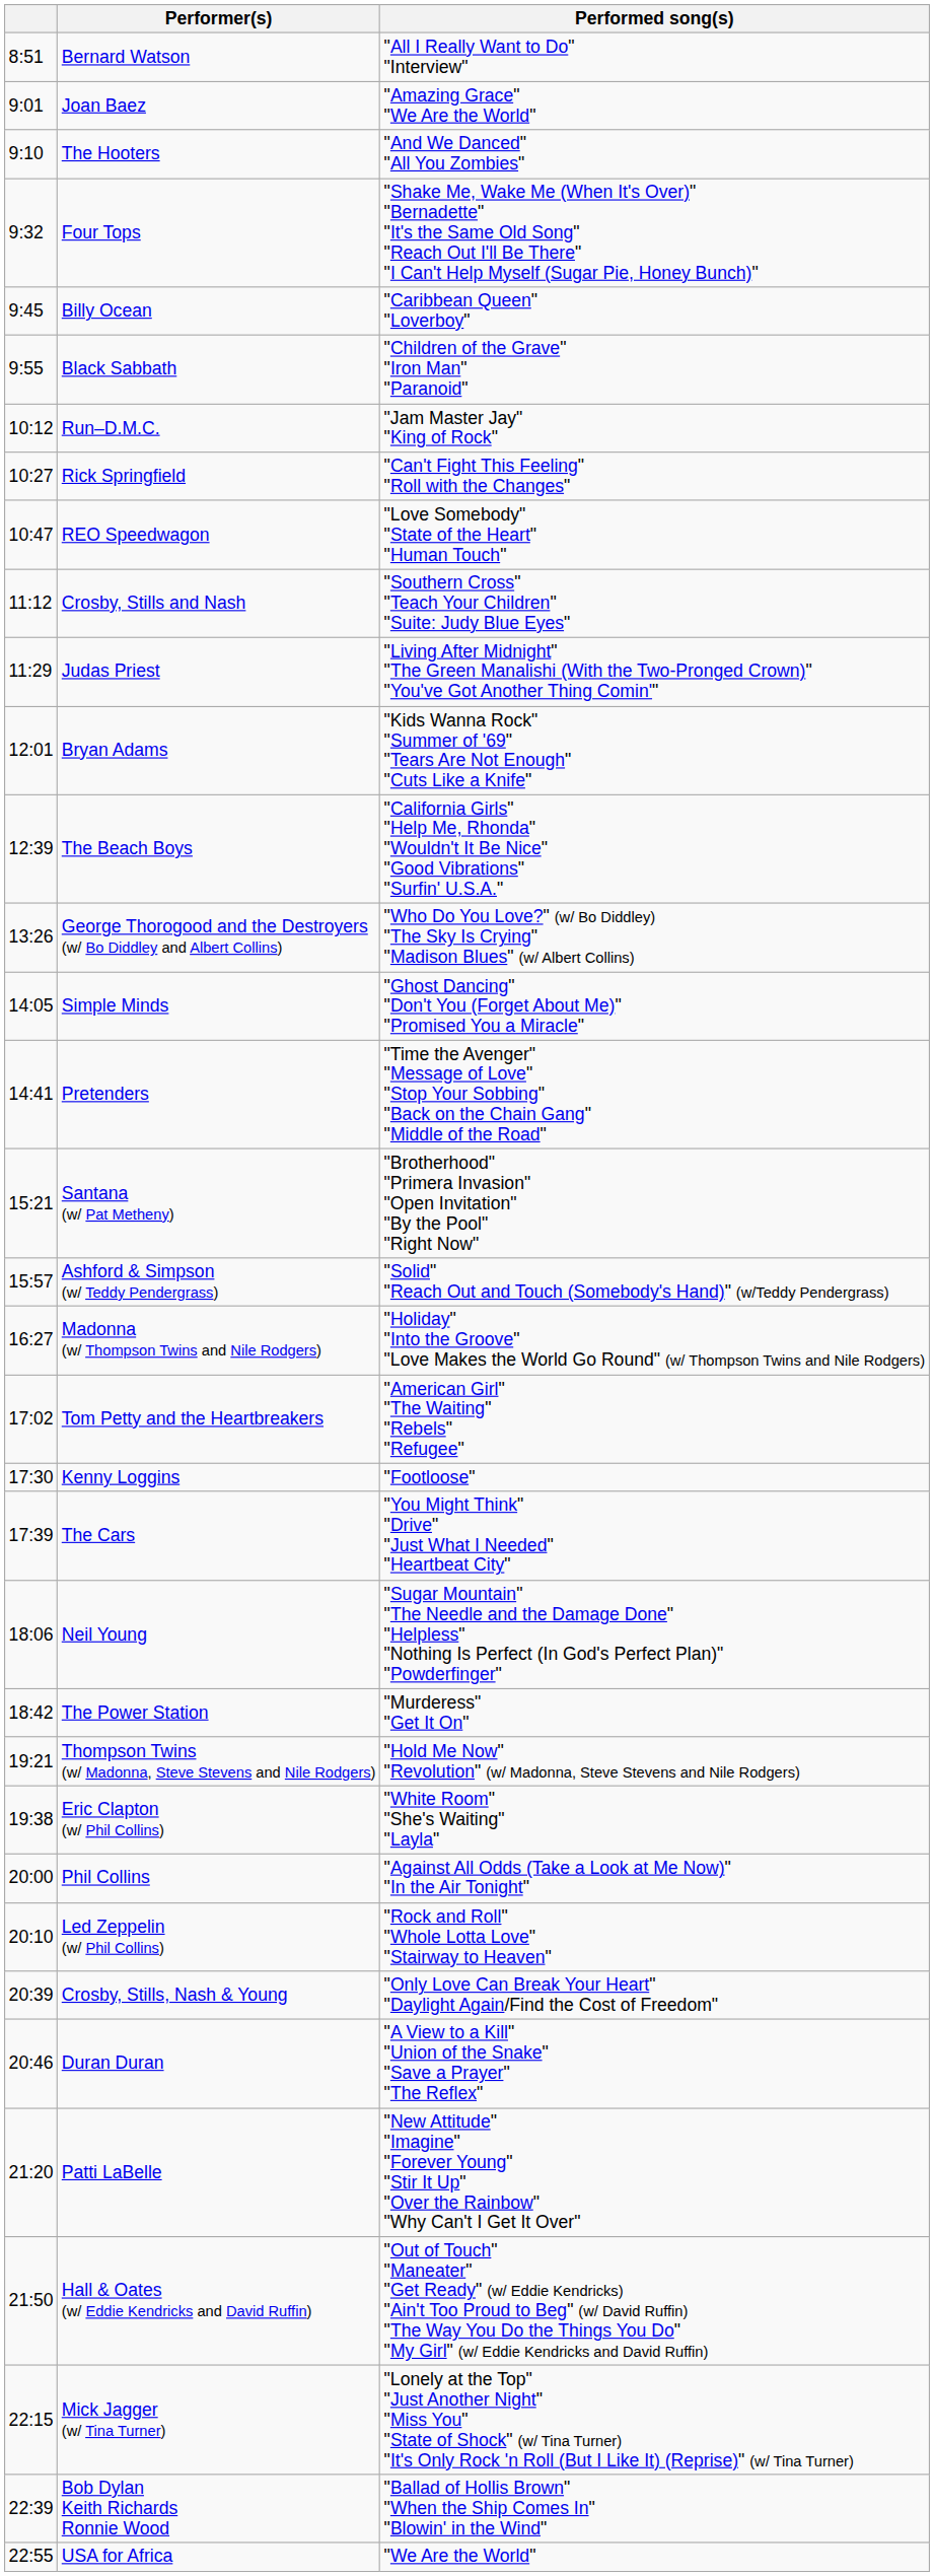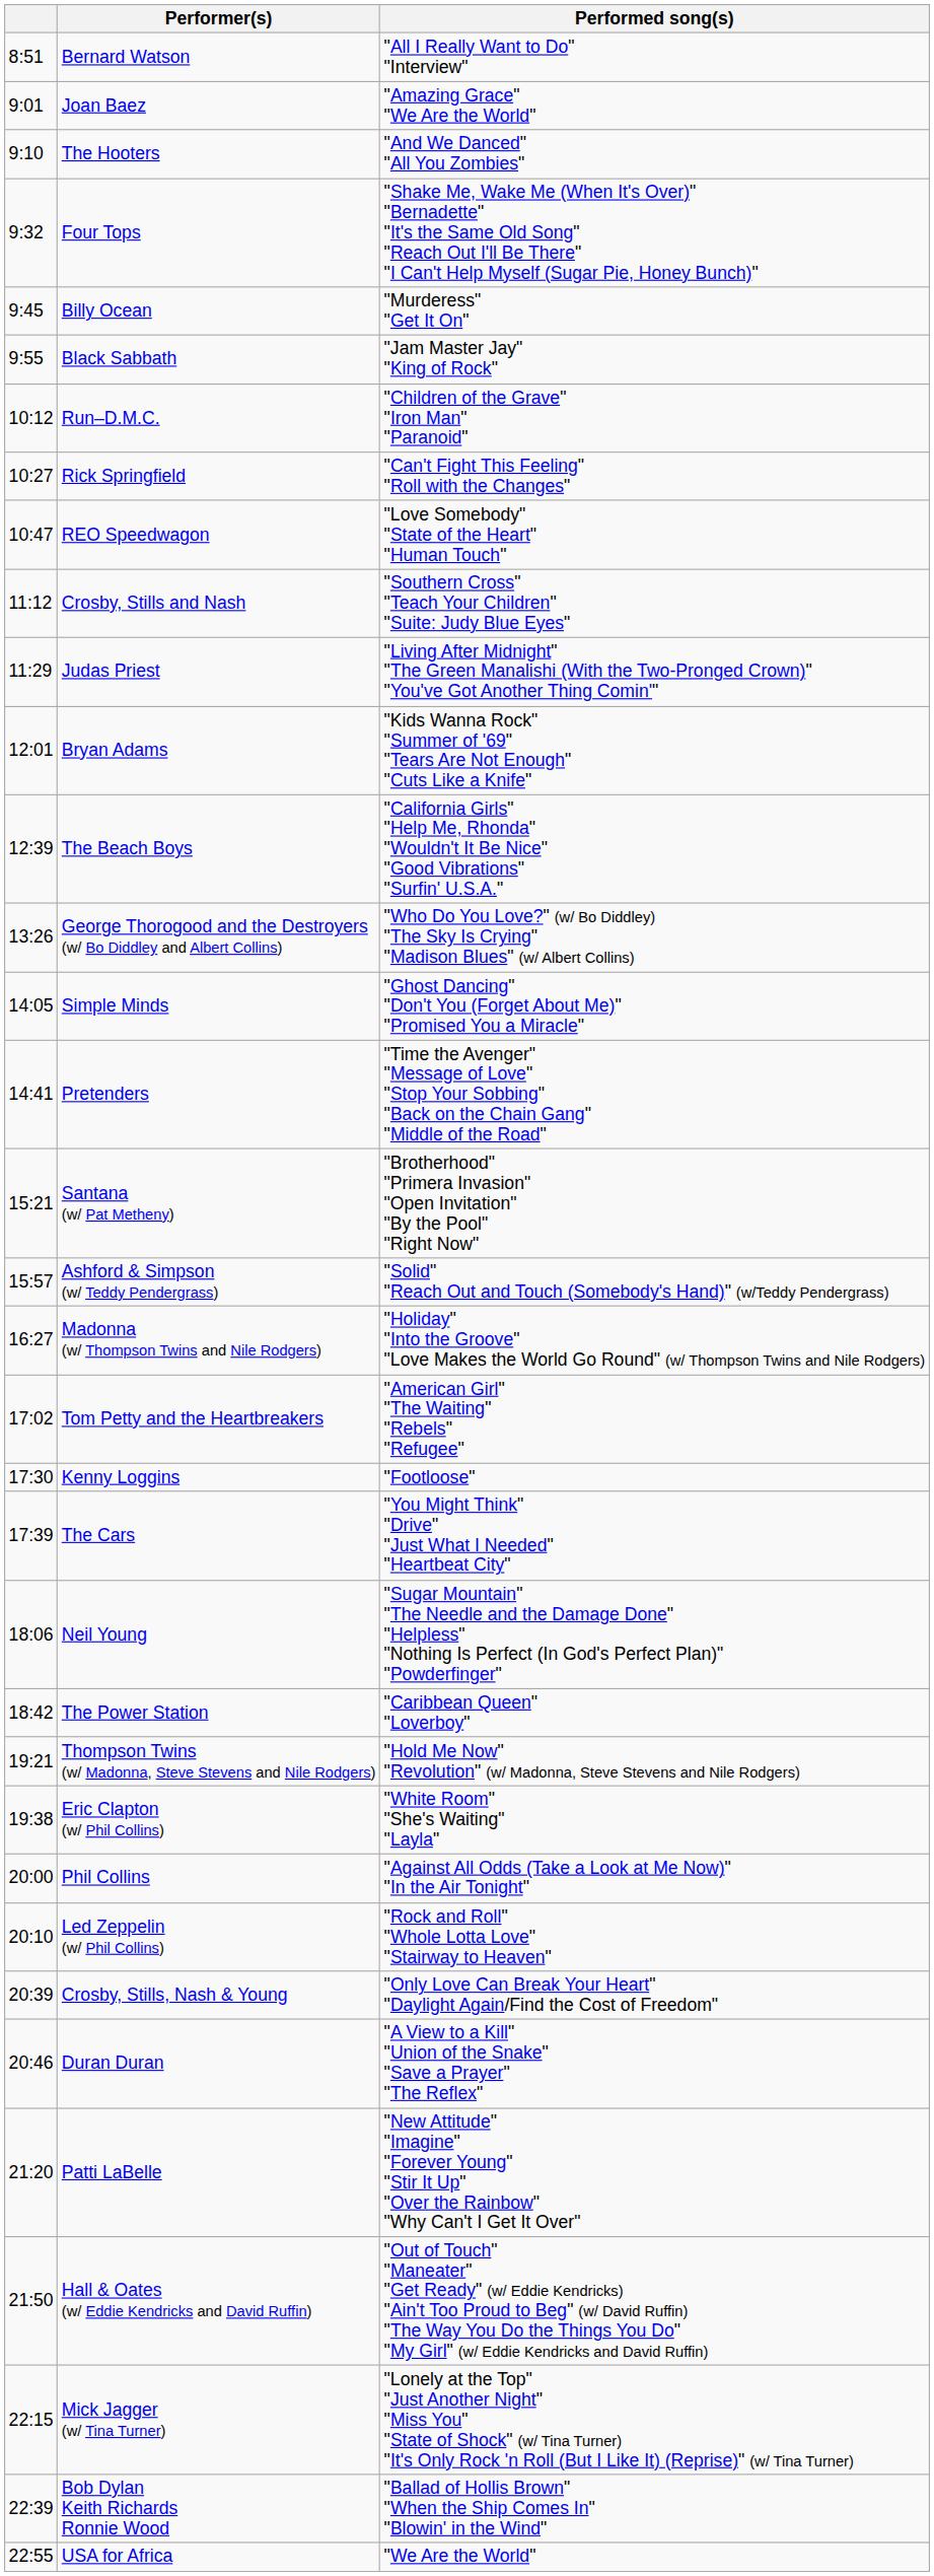 <table class="wikitable">
 <tr>
 <th></th>
 <th>Performer(s)</th>
 <th>Performed song(s)</th>
 </tr>
 <tr>
 <td>8:51</td>
 <td><a href='#'>Bernard Watson</a></td>
 <td>"<a href='#'>All I Really Want to Do</a>"<br>"Interview"</td>
 </tr>
 <tr>
 <td>9:01</td>
 <td><a href='#'>Joan Baez</a></td>
 <td>"<a href='#'>Amazing Grace</a>"<br>"<a href='#'>We Are the World</a>"</td>
 </tr>
 <tr>
 <td>9:10</td>
 <td><a href='#'>The Hooters</a></td>
 <td>"<a href='#'>And We Danced</a>"<br>"<a href='#'>All You Zombies</a>"</td>
 </tr>
 <tr>
 <td>9:32</td>
 <td><a href='#'>Four Tops</a></td>
 <td>"<a href='#'>Shake Me, Wake Me (When It's Over)</a>"<br>"<a href='#'>Bernadette</a>"<br>"<a href='#'>It's the Same Old Song</a>"<br>"<a href='#'>Reach Out I'll Be There</a>"<br>"<a href='#'>I Can't Help Myself (Sugar Pie, Honey Bunch)</a>"</td>
 </tr>
 <tr>
 <td>9:45</td>
 <td><a href='#'>Billy Ocean</a></td>
-<td>"<a href='#'>Caribbean Queen</a>"<br>"<a href='#'>Loverboy</a>"</td>
+<td>"Murderess"<br>"<a href='#'>Get It On</a>"</td>
 </tr>
 <tr>
 <td>9:55</td>
 <td><a href='#'>Black Sabbath</a></td>
-<td>"<a href='#'>Children of the Grave</a>"<br>"<a href='#'>Iron Man</a>"<br>"<a href='#'>Paranoid</a>"</td>
+<td>"Jam Master Jay"<br>"<a href='#'>King of Rock</a>"</td>
 </tr>
 <tr>
 <td>10:12</td>
 <td><a href='#'>Run–D.M.C.</a></td>
-<td>"Jam Master Jay"<br>"<a href='#'>King of Rock</a>"</td>
+<td>"<a href='#'>Children of the Grave</a>"<br>"<a href='#'>Iron Man</a>"<br>"<a href='#'>Paranoid</a>"</td>
 </tr>
 <tr>
 <td>10:27</td>
 <td><a href='#'>Rick Springfield</a></td>
 <td>"<a href='#'>Can't Fight This Feeling</a>"<br>"<a href='#'>Roll with the Changes</a>"</td>
 </tr>
 <tr>
 <td>10:47</td>
 <td><a href='#'>REO Speedwagon</a></td>
 <td>"Love Somebody"<br>"<a href='#'>State of the Heart</a>"<br>"<a href='#'>Human Touch</a>"</td>
 </tr>
 <tr>
 <td>11:12</td>
 <td><a href='#'>Crosby, Stills and Nash</a></td>
 <td>"<a href='#'>Southern Cross</a>"<br>"<a href='#'>Teach Your Children</a>"<br>"<a href='#'>Suite: Judy Blue Eyes</a>"</td>
 </tr>
 <tr>
 <td>11:29</td>
 <td><a href='#'>Judas Priest</a></td>
 <td>"<a href='#'>Living After Midnight</a>"<br>"<a href='#'>The Green Manalishi (With the Two-Pronged Crown)</a>"<br>"<a href='#'>You've Got Another Thing Comin'</a>"</td>
 </tr>
 <tr>
 <td>12:01</td>
 <td><a href='#'>Bryan Adams</a></td>
 <td>"Kids Wanna Rock"<br>"<a href='#'>Summer of '69</a>"<br>"<a href='#'>Tears Are Not Enough</a>"<br>"<a href='#'>Cuts Like a Knife</a>"</td>
 </tr>
 <tr>
 <td>12:39</td>
 <td><a href='#'>The Beach Boys</a></td>
 <td>"<a href='#'>California Girls</a>"<br>"<a href='#'>Help Me, Rhonda</a>"<br>"<a href='#'>Wouldn't It Be Nice</a>"<br>"<a href='#'>Good Vibrations</a>"<br>"<a href='#'>Surfin' U.S.A.</a>"</td>
 </tr>
 <tr>
 <td>13:26</td>
 <td><a href='#'>George Thorogood and the Destroyers</a><br><small>(w/ <a href='#'>Bo Diddley</a> and <a href='#'>Albert Collins</a>)</small></td>
 <td>"<a href='#'>Who Do You Love?</a>" <small>(w/ Bo Diddley)</small><br>"<a href='#'>The Sky Is Crying</a>"<br>"<a href='#'>Madison Blues</a>" <small>(w/ Albert Collins)</small></td>
 </tr>
 <tr>
 <td>14:05</td>
 <td><a href='#'>Simple Minds</a></td>
 <td>"<a href='#'>Ghost Dancing</a>"<br>"<a href='#'>Don't You (Forget About Me)</a>"<br>"<a href='#'>Promised You a Miracle</a>"</td>
 </tr>
 <tr>
 <td>14:41</td>
 <td><a href='#'>Pretenders</a></td>
 <td>"Time the Avenger"<br>"<a href='#'>Message of Love</a>"<br>"<a href='#'>Stop Your Sobbing</a>"<br>"<a href='#'>Back on the Chain Gang</a>"<br>"<a href='#'>Middle of the Road</a>"</td>
 </tr>
 <tr>
 <td>15:21</td>
 <td><a href='#'>Santana</a><br><small>(w/ <a href='#'>Pat Metheny</a>)</small></td>
 <td>"Brotherhood"<br>"Primera Invasion"<br>"Open Invitation"<br>"By the Pool"<br>"Right Now"</td>
 </tr>
 <tr>
 <td>15:57</td>
 <td><a href='#'>Ashford & Simpson</a><br><small>(w/ <a href='#'>Teddy Pendergrass</a>)</small></td>
 <td>"<a href='#'>Solid</a>"<br>"<a href='#'>Reach Out and Touch (Somebody's Hand)</a>" <small>(w/Teddy Pendergrass)</small></td>
 </tr>
 <tr>
 <td>16:27</td>
 <td><a href='#'>Madonna</a><br><small>(w/ <a href='#'>Thompson Twins</a> and <a href='#'>Nile Rodgers</a>)</small></td>
 <td>"<a href='#'>Holiday</a>"<br>"<a href='#'>Into the Groove</a>"<br>"Love Makes the World Go Round" <small>(w/ Thompson Twins and Nile Rodgers)</small></td>
 </tr>
 <tr>
 <td>17:02</td>
 <td><a href='#'>Tom Petty and the Heartbreakers</a></td>
 <td>"<a href='#'>American Girl</a>"<br>"<a href='#'>The Waiting</a>"<br>"<a href='#'>Rebels</a>"<br>"<a href='#'>Refugee</a>"</td>
 </tr>
 <tr>
 <td>17:30</td>
 <td><a href='#'>Kenny Loggins</a></td>
 <td>"<a href='#'>Footloose</a>"</td>
 </tr>
 <tr>
 <td>17:39</td>
 <td><a href='#'>The Cars</a></td>
 <td>"<a href='#'>You Might Think</a>"<br>"<a href='#'>Drive</a>"<br>"<a href='#'>Just What I Needed</a>"<br>"<a href='#'>Heartbeat City</a>"</td>
 </tr>
 <tr>
 <td>18:06</td>
 <td><a href='#'>Neil Young</a></td>
 <td>"<a href='#'>Sugar Mountain</a>"<br>"<a href='#'>The Needle and the Damage Done</a>"<br>"<a href='#'>Helpless</a>"<br>"Nothing Is Perfect (In God's Perfect Plan)"<br>"<a href='#'>Powderfinger</a>"</td>
 </tr>
 <tr>
 <td>18:42</td>
 <td><a href='#'>The Power Station</a></td>
-<td>"Murderess"<br>"<a href='#'>Get It On</a>"</td>
+<td>"<a href='#'>Caribbean Queen</a>"<br>"<a href='#'>Loverboy</a>"</td>
 </tr>
 <tr>
 <td>19:21</td>
 <td><a href='#'>Thompson Twins</a><br><small>(w/ <a href='#'>Madonna</a>, <a href='#'>Steve Stevens</a> and <a href='#'>Nile Rodgers</a>)</small></td>
 <td>"<a href='#'>Hold Me Now</a>"<br>"<a href='#'>Revolution</a>" <small>(w/ Madonna, Steve Stevens and Nile Rodgers)</small></td>
 </tr>
 <tr>
 <td>19:38</td>
 <td><a href='#'>Eric Clapton</a><br><small>(w/ <a href='#'>Phil Collins</a>)</small></td>
 <td>"<a href='#'>White Room</a>"<br>"She's Waiting"<br>"<a href='#'>Layla</a>"</td>
 </tr>
 <tr>
 <td>20:00</td>
 <td><a href='#'>Phil Collins</a></td>
 <td>"<a href='#'>Against All Odds (Take a Look at Me Now)</a>"<br>"<a href='#'>In the Air Tonight</a>"</td>
 </tr>
 <tr>
 <td>20:10</td>
 <td><a href='#'>Led Zeppelin</a><br><small>(w/ <a href='#'>Phil Collins</a>)</small></td>
 <td>"<a href='#'>Rock and Roll</a>"<br>"<a href='#'>Whole Lotta Love</a>"<br>"<a href='#'>Stairway to Heaven</a>"</td>
 </tr>
 <tr>
 <td>20:39</td>
 <td><a href='#'>Crosby, Stills, Nash & Young</a></td>
 <td>"<a href='#'>Only Love Can Break Your Heart</a>"<br>"<a href='#'>Daylight Again</a>/Find the Cost of Freedom"</td>
 </tr>
 <tr>
 <td>20:46</td>
 <td><a href='#'>Duran Duran</a></td>
 <td>"<a href='#'>A View to a Kill</a>"<br>"<a href='#'>Union of the Snake</a>"<br>"<a href='#'>Save a Prayer</a>"<br>"<a href='#'>The Reflex</a>"</td>
 </tr>
 <tr>
 <td>21:20</td>
 <td><a href='#'>Patti LaBelle</a></td>
 <td>"<a href='#'>New Attitude</a>"<br>"<a href='#'>Imagine</a>"<br>"<a href='#'>Forever Young</a>"<br>"<a href='#'>Stir It Up</a>"<br>"<a href='#'>Over the Rainbow</a>"<br>"Why Can't I Get It Over"</td>
 </tr>
 <tr>
 <td>21:50</td>
 <td><a href='#'>Hall & Oates</a><br><small>(w/ <a href='#'>Eddie Kendricks</a> and <a href='#'>David Ruffin</a>)</small></td>
 <td>"<a href='#'>Out of Touch</a>"<br>"<a href='#'>Maneater</a>"<br>"<a href='#'>Get Ready</a>" <small>(w/ Eddie Kendricks)</small><br>"<a href='#'>Ain't Too Proud to Beg</a>" <small>(w/ David Ruffin)</small><br>"<a href='#'>The Way You Do the Things You Do</a>"<br>"<a href='#'>My Girl</a>" <small>(w/ Eddie Kendricks and David Ruffin)</small></td>
 </tr>
 <tr>
 <td>22:15</td>
 <td><a href='#'>Mick Jagger</a><br><small>(w/ <a href='#'>Tina Turner</a>)</small></td>
 <td>"Lonely at the Top"<br>"<a href='#'>Just Another Night</a>"<br>"<a href='#'>Miss You</a>"<br>"<a href='#'>State of Shock</a>" <small>(w/ Tina Turner)</small><br>"<a href='#'>It's Only Rock 'n Roll (But I Like It) (Reprise)</a>" <small>(w/ Tina Turner)</small></td>
 </tr>
 <tr>
 <td>22:39</td>
 <td><a href='#'>Bob Dylan</a><br><a href='#'>Keith Richards</a><br><a href='#'>Ronnie Wood</a></td>
 <td>"<a href='#'>Ballad of Hollis Brown</a>"<br>"<a href='#'>When the Ship Comes In</a>"<br>"<a href='#'>Blowin' in the Wind</a>"</td>
 </tr>
 <tr>
 <td>22:55</td>
 <td><a href='#'>USA for Africa</a></td>
 <td>"<a href='#'>We Are the World</a>"</td>
 </tr>
 </table>
